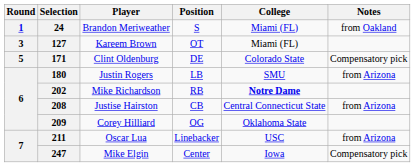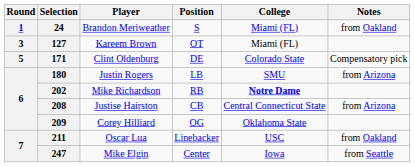 <table class="wikitable" style="text-align:center">
 <tr>
 <th>Round</th>
 <th>Selection</th>
 <th>Player</th>
 <th>Position</th>
 <th>College</th>
 <th>Notes</th>
 </tr>
 <tr>
 <th><a href='#'>1</a></th>
 <th>24</th>
 <td><a href='#'>Brandon Meriweather</a></td>
 <td><a href='#'>S</a></td>
 <td><a href='#'>Miami (FL)</a></td>
 <td>from <a href='#'>Oakland</a></td>
 </tr>
 <tr>
 <th>3</th>
 <th>127</th>
 <td><a href='#'>Kareem Brown</a></td>
 <td><a href='#'>OT</a></td>
 <td>Miami (FL)</td>
 <td></td>
 </tr>
 <tr>
 <th>5</th>
 <th>171</th>
 <td><a href='#'>Clint Oldenburg</a></td>
 <td><a href='#'>DE</a></td>
 <td><a href='#'>Colorado State</a></td>
 <td>Compensatory pick</td>
 </tr>
 <tr>
 <th rowspan="4">6</th>
 <th>180</th>
 <td><a href='#'>Justin Rogers</a></td>
 <td><a href='#'>LB</a></td>
 <td><a href='#'>SMU</a></td>
 <td>from <a href='#'>Arizona</a></td>
 </tr>
 <tr>
 <th>202</th>
 <td><a href='#'>Mike Richardson</a></td>
 <td><a href='#'>RB</a></td>
 <td><strong><a href='#'>Notre Dame</a></strong></td>
 <td></td>
 </tr>
 <tr>
 <th>208</th>
 <td><a href='#'>Justise Hairston</a></td>
 <td><a href='#'>CB</a></td>
 <td><a href='#'>Central Connecticut State</a></td>
 <td>from <a href='#'>Arizona</a></td>
 </tr>
 <tr>
 <th>209</th>
 <td><a href='#'>Corey Hilliard</a></td>
 <td><a href='#'>OG</a></td>
 <td><a href='#'>Oklahoma State</a></td>
 <td></td>
 </tr>
 <tr>
 <th rowspan="2">7</th>
 <th>211</th>
 <td><a href='#'>Oscar Lua</a></td>
 <td><a href='#'>Linebacker</a></td>
 <td><a href='#'>USC</a></td>
-<td>from <a href='#'>Arizona</a></td>
+<td>from <a href='#'>Oakland</a></td>
 </tr>
 <tr>
 <th>247</th>
 <td><a href='#'>Mike Elgin</a></td>
 <td><a href='#'>Center</a></td>
 <td><a href='#'>Iowa</a></td>
-<td>Compensatory pick</td>
+<td>from <a href='#'>Seattle</a></td>
 </tr>
 </table>
